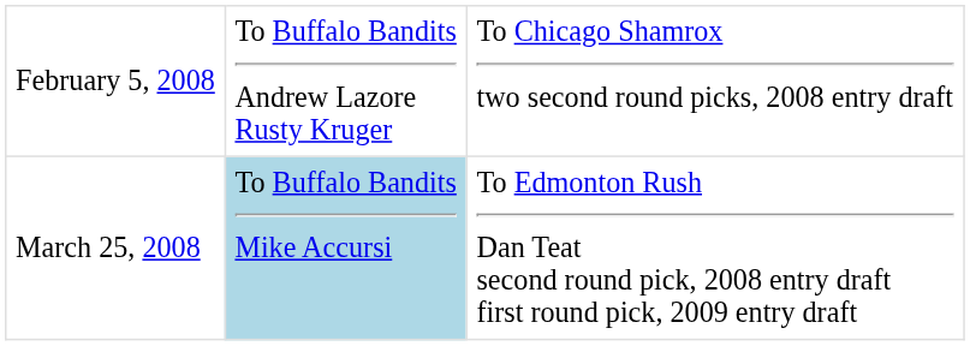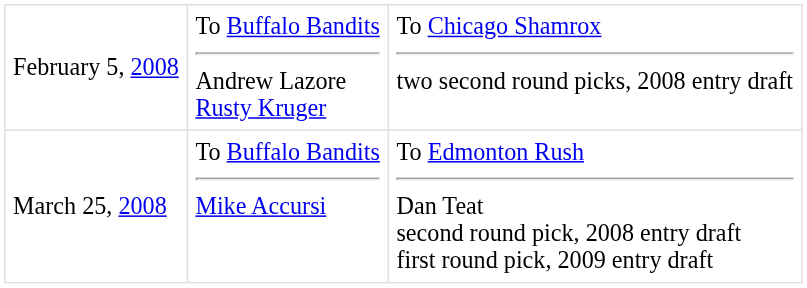 <table border=1 style="border-collapse:collapse" bordercolor="#DFDFDF"  cellpadding="5">
 <tr>
 <td>February 5, <a href='#'>2008</a><br></td>
 <td valign="top">To <a href='#'>Buffalo Bandits</a> <hr> Andrew Lazore<br><a href='#'>Rusty Kruger</a></td>
 <td valign="top">To <a href='#'>Chicago Shamrox</a> <hr>two second round picks, 2008 entry draft</td>
 </tr>
 <tr>
 <td>March 25, <a href='#'>2008</a><br></td>
-<td valign="top" style="background: lightblue;">To <a href='#'>Buffalo Bandits</a> <hr><a href='#'>Mike Accursi</a></td>
+<td valign="top">To <a href='#'>Buffalo Bandits</a> <hr><a href='#'>Mike Accursi</a></td>
 <td valign="top">To <a href='#'>Edmonton Rush</a> <hr>Dan Teat<br>second round pick, 2008 entry draft<br>first round pick, 2009 entry draft</td>
 </tr>
 </table>
